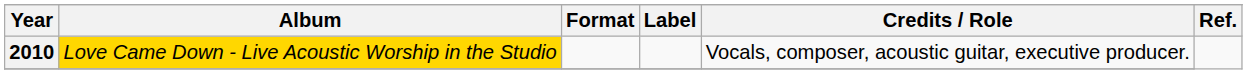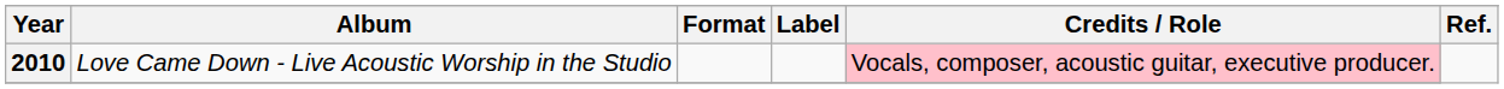 <table class="wikitable plainrowheaders">
 <tr>
 </tr>
 <tr>
 <th scope="col">Year</th>
 <th scope="col">Album</th>
 <th scope="col">Format</th>
 <th scope="col">Label</th>
 <th scope="col">Credits / Role</th>
 <th scope="col">Ref.</th>
 </tr>
 <tr>
 <th scope="row">2010</th>
-<td style="background: gold;"><em>Love Came Down - Live Acoustic Worship in the Studio</em></td>
+<td><em>Love Came Down - Live Acoustic Worship in the Studio</em></td>
 <td></td>
 <td></td>
-<td>Vocals, composer, acoustic guitar, executive producer.<br></td>
+<td style="background: pink;">Vocals, composer, acoustic guitar, executive producer.<br></td>
 </tr>
 <tr>
 </tr>
 </table>
